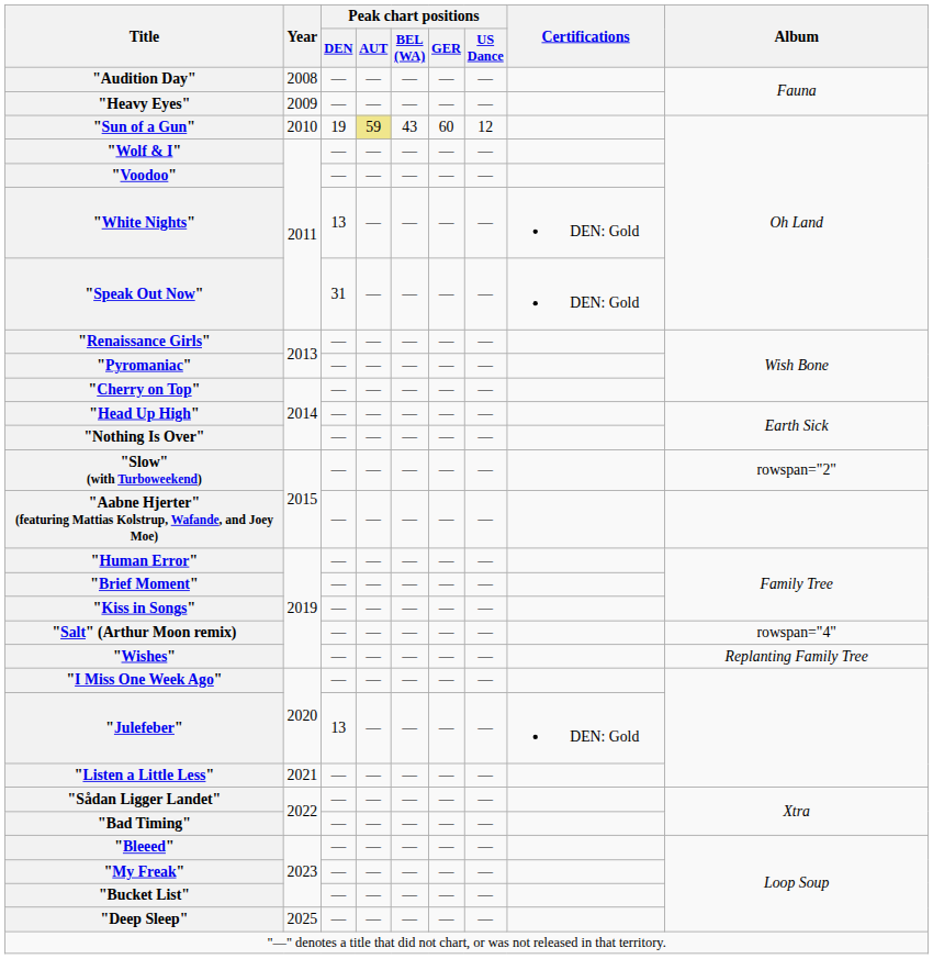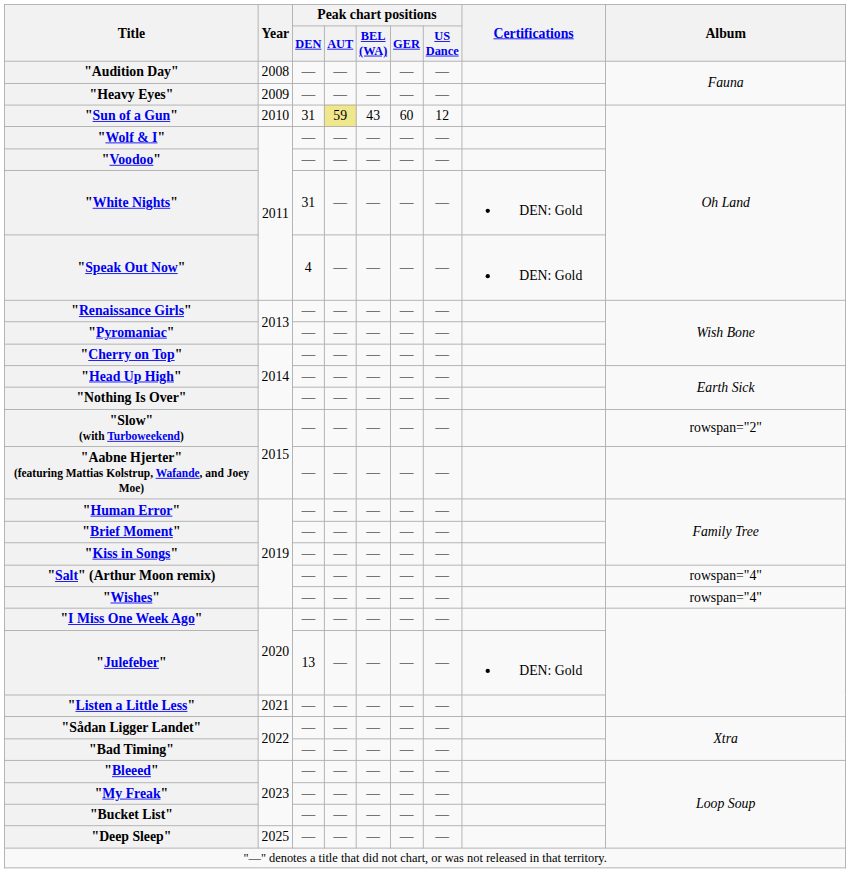 <table class="wikitable plainrowheaders" style="text-align:center">
 <tr>
 <th scope="col" rowspan="2" style="width:18em;">Title</th>
 <th scope="col" rowspan="2" style="width:1em;">Year</th>
 <th scope="col" colspan="5" style="width:3em;">Peak chart positions</th>
 <th scope="col" rowspan="2" style="width:10em;"><a href='#'>Certifications</a></th>
 <th scope="col" rowspan="2" style="width:17em;">Album</th>
 </tr>
 <tr>
 <th scope="col" style="width:2em;font-size:90%;"><a href='#'>DEN</a><br></th>
 <th scope="col" style="width:2em;font-size:90%;"><a href='#'>AUT</a><br></th>
 <th scope="col" style="width:2em;font-size:90%;"><a href='#'>BEL<br>(WA)</a><br></th>
 <th scope="col" style="width:2em;font-size:90%;"><a href='#'>GER</a><br></th>
 <th scope="col" style="width:2em;font-size:90%;"><a href='#'>US<br>Dance</a><br></th>
 </tr>
 <tr>
 <th scope="row">"Audition Day"</th>
 <td>2008</td>
 <td>—</td>
 <td>—</td>
 <td>—</td>
 <td>—</td>
 <td>—</td>
 <td></td>
 <td rowspan="2"><em>Fauna</em></td>
 </tr>
 <tr>
 <th scope="row">"Heavy Eyes"</th>
 <td>2009</td>
 <td>—</td>
 <td>—</td>
 <td>—</td>
 <td>—</td>
 <td>—</td>
 <td></td>
 </tr>
 <tr>
 <th scope="row">"<a href='#'>Sun of a Gun</a>"</th>
 <td>2010</td>
-<td>19</td>
+<td>31</td>
 <td style="background: khaki;">59</td>
 <td>43</td>
 <td>60</td>
 <td>12</td>
 <td></td>
 <td rowspan="5"><em>Oh Land</em></td>
 </tr>
 <tr>
 <th scope="row">"<a href='#'>Wolf & I</a>"</th>
 <td rowspan="4">2011</td>
 <td>—</td>
 <td>—</td>
 <td>—</td>
 <td>—</td>
 <td>—</td>
 <td></td>
 </tr>
 <tr>
 <th scope="row">"<a href='#'>Voodoo</a>"</th>
 <td>—</td>
 <td>—</td>
 <td>—</td>
 <td>—</td>
 <td>—</td>
 <td></td>
 </tr>
 <tr>
 <th scope="row">"<a href='#'>White Nights</a>"</th>
-<td>13</td>
+<td>31</td>
 <td>—</td>
 <td>—</td>
 <td>—</td>
 <td>—</td>
 <td><br><ul><li>DEN: Gold</li></ul></td>
 </tr>
 <tr>
 <th scope="row">"<a href='#'>Speak Out Now</a>"</th>
-<td>31</td>
+<td>4</td>
 <td>—</td>
 <td>—</td>
 <td>—</td>
 <td>—</td>
 <td><br><ul><li>DEN: Gold</li></ul></td>
 </tr>
 <tr>
 <th scope="row">"<a href='#'>Renaissance Girls</a>"</th>
 <td rowspan="2">2013</td>
 <td>—</td>
 <td>—</td>
 <td>—</td>
 <td>—</td>
 <td>—</td>
 <td></td>
 <td rowspan="3"><em>Wish Bone</em></td>
 </tr>
 <tr>
 <th scope="row">"<a href='#'>Pyromaniac</a>"</th>
 <td>—</td>
 <td>—</td>
 <td>—</td>
 <td>—</td>
 <td>—</td>
 <td></td>
 </tr>
 <tr>
 <th scope="row">"<a href='#'>Cherry on Top</a>"</th>
 <td rowspan="3">2014</td>
 <td>—</td>
 <td>—</td>
 <td>—</td>
 <td>—</td>
 <td>—</td>
 <td></td>
 </tr>
 <tr>
 <th scope="row">"<a href='#'>Head Up High</a>"</th>
 <td>—</td>
 <td>—</td>
 <td>—</td>
 <td>—</td>
 <td>—</td>
 <td></td>
 <td rowspan="2"><em>Earth Sick</em></td>
 </tr>
 <tr>
 <th scope="row">"Nothing Is Over"</th>
 <td>—</td>
 <td>—</td>
 <td>—</td>
 <td>—</td>
 <td>—</td>
 <td></td>
 </tr>
 <tr>
 <th scope="row">"Slow"<br><small>(with <a href='#'>Turboweekend</a>)</small></th>
 <td rowspan="2">2015</td>
 <td>—</td>
 <td>—</td>
 <td>—</td>
 <td>—</td>
 <td>—</td>
 <td></td>
 <td>rowspan="2" </td>
 </tr>
 <tr>
 <th scope="row">"Aabne Hjerter"<br><small>(featuring Mattias Kolstrup, <a href='#'>Wafande</a>, and Joey Moe)</small></th>
 <td>—</td>
 <td>—</td>
 <td>—</td>
 <td>—</td>
 <td>—</td>
 <td></td>
 </tr>
 <tr>
 <th scope="row">"<a href='#'>Human Error</a>"</th>
 <td rowspan="5">2019</td>
 <td>—</td>
 <td>—</td>
 <td>—</td>
 <td>—</td>
 <td>—</td>
 <td></td>
 <td rowspan="3"><em>Family Tree</em></td>
 </tr>
 <tr>
 <th scope="row">"<a href='#'>Brief Moment</a>"</th>
 <td>—</td>
 <td>—</td>
 <td>—</td>
 <td>—</td>
 <td>—</td>
 <td></td>
 </tr>
 <tr>
 <th scope="row">"<a href='#'>Kiss in Songs</a>"</th>
 <td>—</td>
 <td>—</td>
 <td>—</td>
 <td>—</td>
 <td>—</td>
 <td></td>
 </tr>
 <tr>
 <th scope="row">"<a href='#'>Salt</a>" (Arthur Moon remix)</th>
 <td>—</td>
 <td>—</td>
 <td>—</td>
 <td>—</td>
 <td>—</td>
 <td></td>
 <td>rowspan="4" </td>
 </tr>
 <tr>
 <th scope="row">"<a href='#'>Wishes</a>"</th>
 <td>—</td>
 <td>—</td>
 <td>—</td>
 <td>—</td>
 <td>—</td>
 <td></td>
-<td><em>Replanting Family Tree</em></td>
+<td>rowspan="4" </td>
 </tr>
 <tr>
 <th scope="row">"<a href='#'>I Miss One Week Ago</a>"</th>
 <td rowspan="2">2020</td>
 <td>—</td>
 <td>—</td>
 <td>—</td>
 <td>—</td>
 <td>—</td>
 <td></td>
 </tr>
 <tr>
 <th scope="row">"<a href='#'>Julefeber</a>"</th>
 <td>13</td>
 <td>—</td>
 <td>—</td>
 <td>—</td>
 <td>—</td>
 <td><br><ul><li>DEN: Gold</li></ul></td>
 </tr>
 <tr>
 <th scope="row">"<a href='#'>Listen a Little Less</a>"</th>
 <td>2021</td>
 <td>—</td>
 <td>—</td>
 <td>—</td>
 <td>—</td>
 <td>—</td>
 <td></td>
 </tr>
 <tr>
 <th scope="row">"Sådan Ligger Landet"</th>
 <td rowspan="2">2022</td>
 <td>—</td>
 <td>—</td>
 <td>—</td>
 <td>—</td>
 <td>—</td>
 <td></td>
 <td rowspan="2"><em>Xtra</em></td>
 </tr>
 <tr>
 <th scope="row">"Bad Timing"</th>
 <td>—</td>
 <td>—</td>
 <td>—</td>
 <td>—</td>
 <td>—</td>
 <td></td>
 </tr>
 <tr>
 <th scope="row">"<a href='#'>Bleeed</a>"</th>
 <td rowspan="3">2023</td>
 <td>—</td>
 <td>—</td>
 <td>—</td>
 <td>—</td>
 <td>—</td>
 <td></td>
 <td rowspan="4"><em>Loop Soup</em></td>
 </tr>
 <tr>
 <th scope="row">"<a href='#'>My Freak</a>"</th>
 <td>—</td>
 <td>—</td>
 <td>—</td>
 <td>—</td>
 <td>—</td>
 <td></td>
 </tr>
 <tr>
 <th scope="row">"Bucket List"</th>
 <td>—</td>
 <td>—</td>
 <td>—</td>
 <td>—</td>
 <td>—</td>
 <td></td>
 </tr>
 <tr>
 <th scope="row">"Deep Sleep"</th>
 <td>2025</td>
 <td>—</td>
 <td>—</td>
 <td>—</td>
 <td>—</td>
 <td>—</td>
 <td></td>
 </tr>
 <tr>
 <td colspan="9" style="font-size:90%">"—" denotes a title that did not chart, or was not released in that territory.</td>
 </tr>
 </table>
